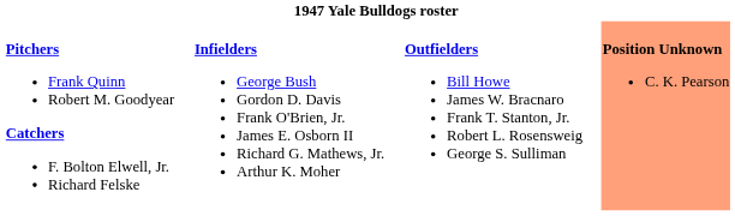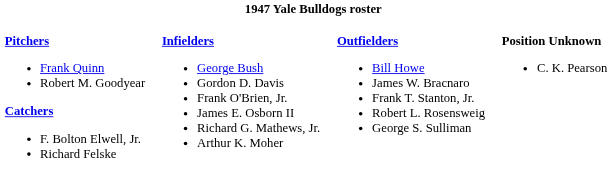 <table class="toccolours" style="border-collapse:collapse; font-size:90%;">
 <tr>
 <th colspan=9>1947 Yale Bulldogs roster</th>
 </tr>
 <tr>
 <td width="03"> </td>
 <td valign="top"><br><strong><a href='#'>Pitchers</a></strong><ul><li><a href='#'>Frank Quinn</a></li><li>Robert M. Goodyear</li></ul><strong><a href='#'>Catchers</a></strong><ul><li>F. Bolton Elwell, Jr.</li><li>Richard Felske</li></ul></td>
 <td width="15"> </td>
 <td valign="top"><br><strong><a href='#'>Infielders</a></strong><ul><li><a href='#'>George Bush</a></li><li>Gordon D. Davis</li><li>Frank O'Brien, Jr.</li><li>James E. Osborn II</li><li>Richard G. Mathews, Jr.</li><li>Arthur K. Moher</li></ul></td>
 <td width="15"> </td>
 <td valign="top"><br><strong><a href='#'>Outfielders</a></strong><ul><li><a href='#'>Bill Howe</a></li><li>James W. Bracnaro</li><li>Frank T. Stanton, Jr.</li><li>Robert L. Rosensweig</li><li>George S. Sulliman</li></ul></td>
 <td width="15"> </td>
-<td valign="top" style="background: lightsalmon;"><br><strong>Position Unknown</strong><ul><li>C. K. Pearson</li></ul></td>
+<td valign="top"><br><strong>Position Unknown</strong><ul><li>C. K. Pearson</li></ul></td>
 <td width="20"> </td>
 </tr>
 </table>
